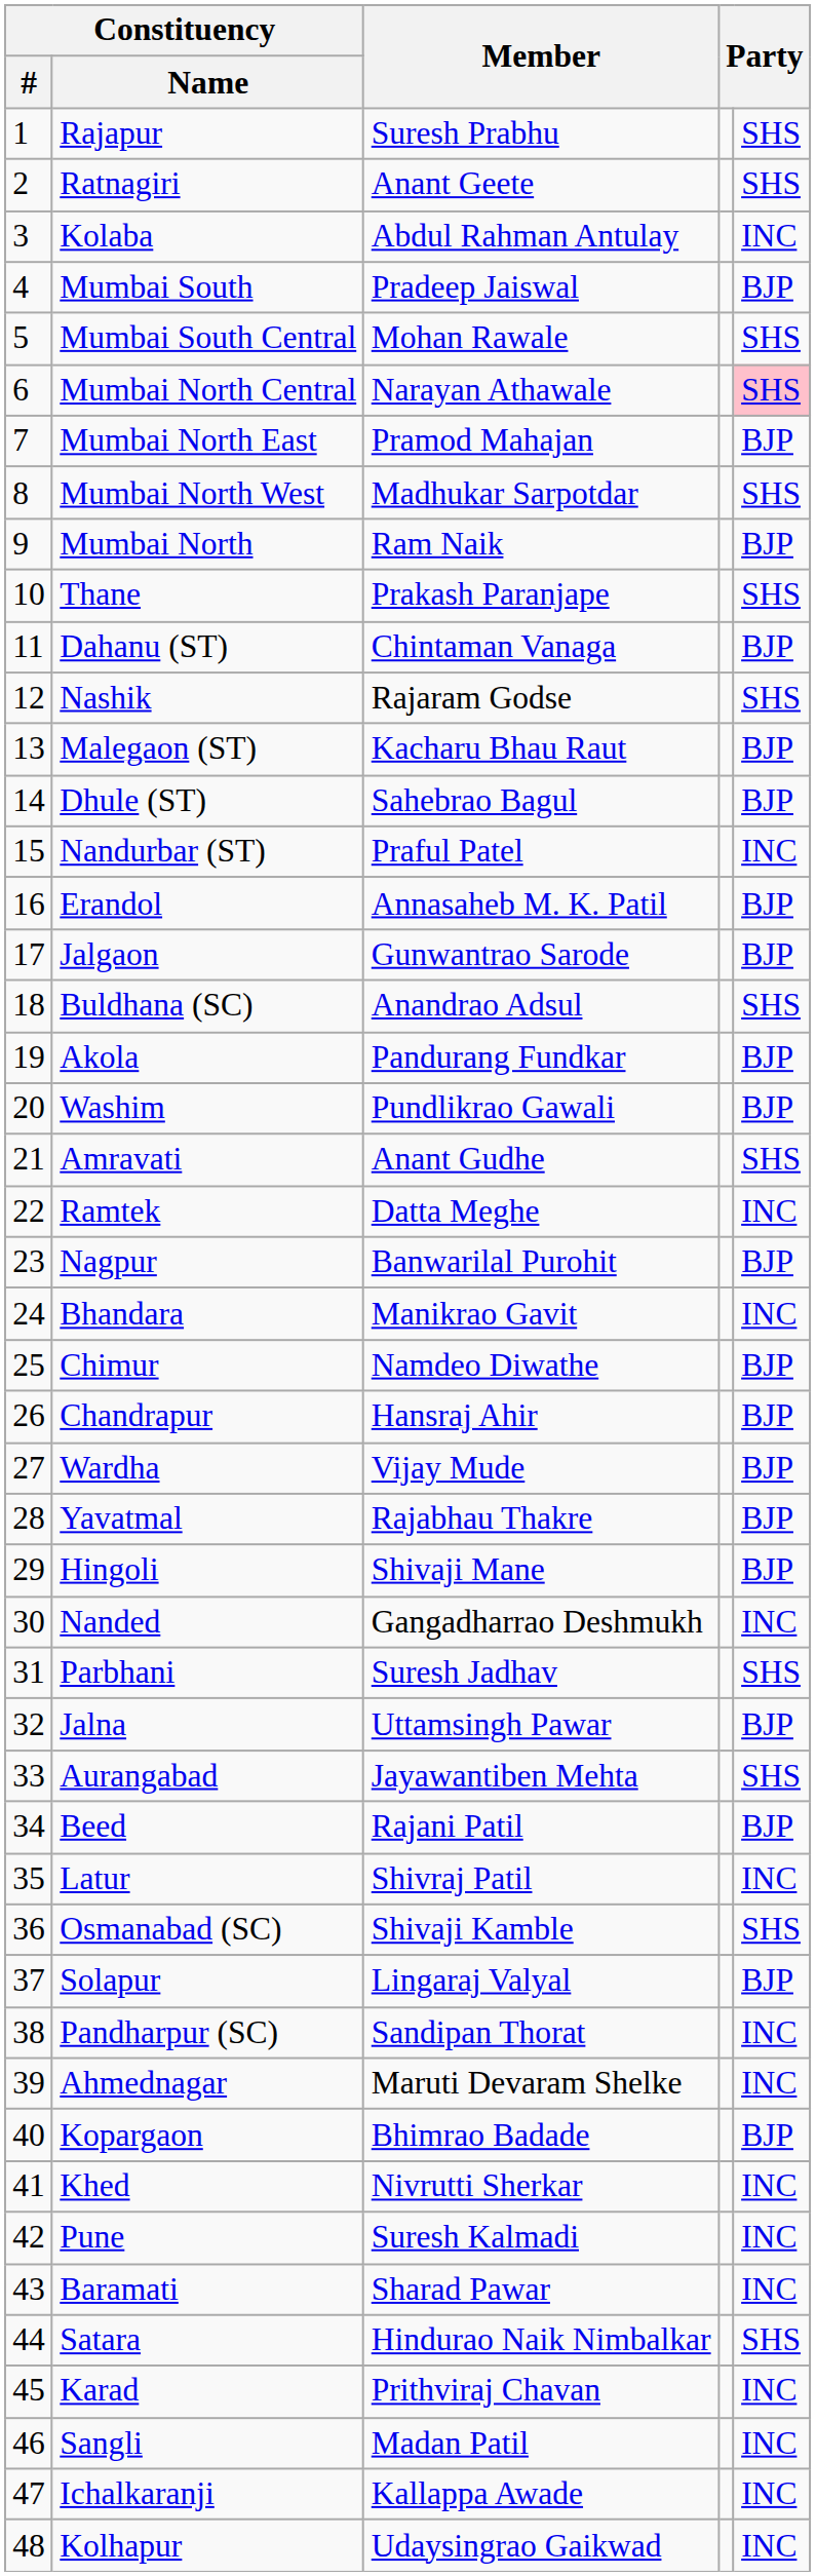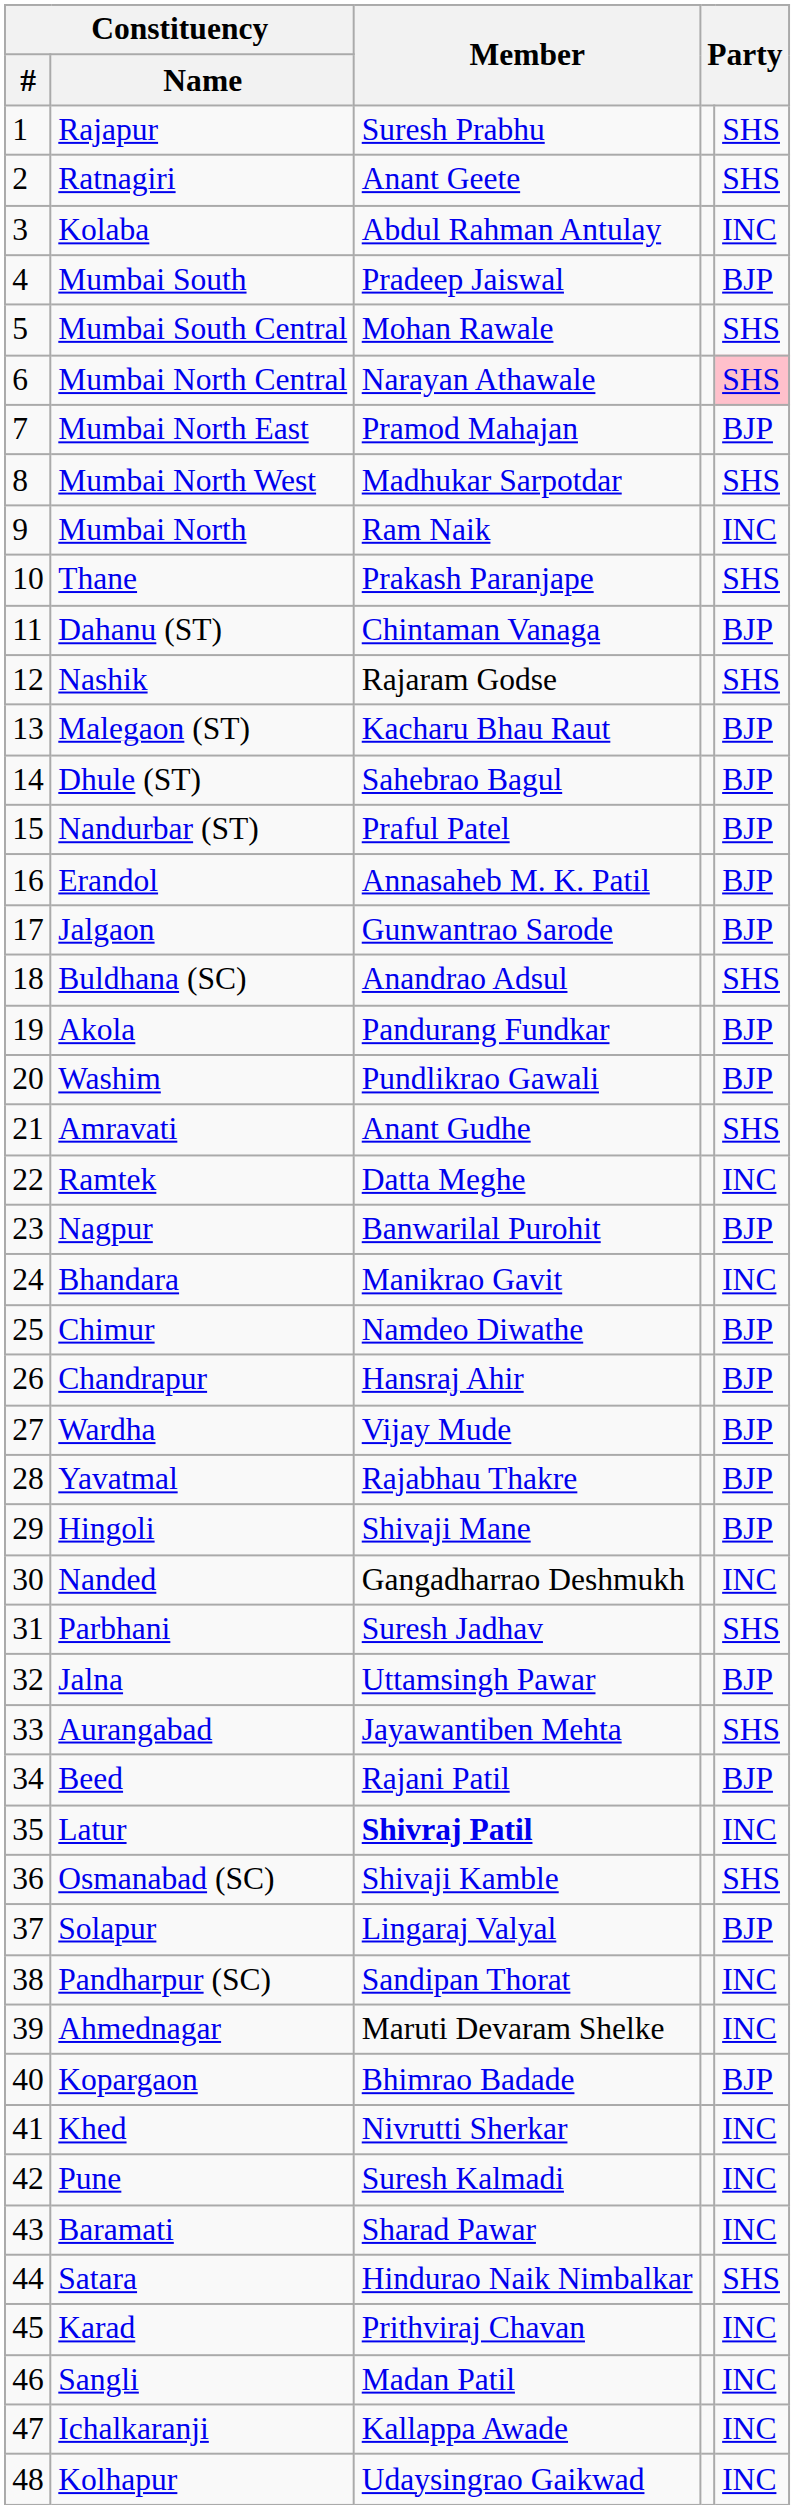 <table class="wikitable sortable">
 <tr>
 <th colspan="2">Constituency</th>
 <th rowspan="2">Member</th>
 <th colspan="2" rowspan="2">Party</th>
 </tr>
 <tr>
 <th>#</th>
 <th>Name</th>
 </tr>
 <tr>
 <td>1</td>
 <td><a href='#'>Rajapur</a></td>
 <td><a href='#'>Suresh Prabhu</a></td>
 <td style="background-color: "></td>
 <td><a href='#'>SHS</a></td>
 </tr>
 <tr>
 <td>2</td>
 <td><a href='#'>Ratnagiri</a></td>
 <td><a href='#'>Anant Geete</a></td>
 <td style="background-color: "></td>
 <td><a href='#'>SHS</a></td>
 </tr>
 <tr>
 <td>3</td>
 <td><a href='#'>Kolaba</a></td>
 <td><a href='#'>Abdul Rahman Antulay</a></td>
 <td style="background-color: "></td>
 <td><a href='#'>INC</a></td>
 </tr>
 <tr>
 <td>4</td>
 <td><a href='#'>Mumbai South</a></td>
 <td><a href='#'>Pradeep Jaiswal</a></td>
 <td style="background-color: "></td>
 <td><a href='#'>BJP</a></td>
 </tr>
 <tr>
 <td>5</td>
 <td><a href='#'>Mumbai South Central</a></td>
 <td><a href='#'>Mohan Rawale</a></td>
 <td style="background-color: "></td>
 <td><a href='#'>SHS</a></td>
 </tr>
 <tr>
 <td>6</td>
 <td><a href='#'>Mumbai North Central</a></td>
 <td><a href='#'>Narayan Athawale</a></td>
 <td style="background-color: "></td>
 <td style="background: pink;"><a href='#'>SHS</a></td>
 </tr>
 <tr>
 <td>7</td>
 <td><a href='#'>Mumbai North East</a></td>
 <td><a href='#'>Pramod Mahajan</a></td>
 <td style="background-color: "></td>
 <td><a href='#'>BJP</a></td>
 </tr>
 <tr>
 <td>8</td>
 <td><a href='#'>Mumbai North West</a></td>
 <td><a href='#'>Madhukar Sarpotdar</a></td>
 <td style="background-color: "></td>
 <td><a href='#'>SHS</a></td>
 </tr>
 <tr>
 <td>9</td>
 <td><a href='#'>Mumbai North</a></td>
 <td><a href='#'>Ram Naik</a></td>
 <td style="background-color: "></td>
-<td><a href='#'>BJP</a></td>
+<td><a href='#'>INC</a></td>
 </tr>
 <tr>
 <td>10</td>
 <td><a href='#'>Thane</a></td>
 <td><a href='#'>Prakash Paranjape</a></td>
 <td style="background-color: "></td>
 <td><a href='#'>SHS</a></td>
 </tr>
 <tr>
 <td>11</td>
 <td><a href='#'>Dahanu</a> (ST)</td>
 <td><a href='#'>Chintaman Vanaga</a></td>
 <td style="background-color: "></td>
 <td><a href='#'>BJP</a></td>
 </tr>
 <tr>
 <td>12</td>
 <td><a href='#'>Nashik</a></td>
 <td>Rajaram Godse</td>
 <td style="background-color: "></td>
 <td><a href='#'>SHS</a></td>
 </tr>
 <tr>
 <td>13</td>
 <td><a href='#'>Malegaon</a> (ST)</td>
 <td><a href='#'>Kacharu Bhau Raut</a></td>
 <td style="background-color: "></td>
 <td><a href='#'>BJP</a></td>
 </tr>
 <tr>
 <td>14</td>
 <td><a href='#'>Dhule</a> (ST)</td>
 <td><a href='#'>Sahebrao Bagul</a></td>
 <td style="background-color: "></td>
 <td><a href='#'>BJP</a></td>
 </tr>
 <tr>
 <td>15</td>
 <td><a href='#'>Nandurbar</a> (ST)</td>
 <td><a href='#'>Praful Patel</a></td>
 <td style="background-color: "></td>
-<td><a href='#'>INC</a></td>
+<td><a href='#'>BJP</a></td>
 </tr>
 <tr>
 <td>16</td>
 <td><a href='#'>Erandol</a></td>
 <td><a href='#'>Annasaheb M. K. Patil</a></td>
 <td style="background-color: "></td>
 <td><a href='#'>BJP</a></td>
 </tr>
 <tr>
 <td>17</td>
 <td><a href='#'>Jalgaon</a></td>
 <td><a href='#'>Gunwantrao Sarode</a></td>
 <td style="background-color: "></td>
 <td><a href='#'>BJP</a></td>
 </tr>
 <tr>
 <td>18</td>
 <td><a href='#'>Buldhana</a> (SC)</td>
 <td><a href='#'>Anandrao Adsul</a></td>
 <td style="background-color: "></td>
 <td><a href='#'>SHS</a></td>
 </tr>
 <tr>
 <td>19</td>
 <td><a href='#'>Akola</a></td>
 <td><a href='#'>Pandurang Fundkar</a></td>
 <td style="background-color: "></td>
 <td><a href='#'>BJP</a></td>
 </tr>
 <tr>
 <td>20</td>
 <td><a href='#'>Washim</a></td>
 <td><a href='#'>Pundlikrao Gawali</a></td>
 <td style="background-color: "></td>
 <td><a href='#'>BJP</a></td>
 </tr>
 <tr>
 <td>21</td>
 <td><a href='#'>Amravati</a></td>
 <td><a href='#'>Anant Gudhe</a></td>
 <td style="background-color: "></td>
 <td><a href='#'>SHS</a></td>
 </tr>
 <tr>
 <td>22</td>
 <td><a href='#'>Ramtek</a></td>
 <td><a href='#'>Datta Meghe</a></td>
 <td style="background-color: "></td>
 <td><a href='#'>INC</a></td>
 </tr>
 <tr>
 <td>23</td>
 <td><a href='#'>Nagpur</a></td>
 <td><a href='#'>Banwarilal Purohit</a></td>
 <td style="background-color: "></td>
 <td><a href='#'>BJP</a></td>
 </tr>
 <tr>
 <td>24</td>
 <td><a href='#'>Bhandara</a></td>
 <td><a href='#'>Manikrao Gavit</a></td>
 <td style="background-color: "></td>
 <td><a href='#'>INC</a></td>
 </tr>
 <tr>
 <td>25</td>
 <td><a href='#'>Chimur</a></td>
 <td><a href='#'>Namdeo Diwathe</a></td>
 <td style="background-color: "></td>
 <td><a href='#'>BJP</a></td>
 </tr>
 <tr>
 <td>26</td>
 <td><a href='#'>Chandrapur</a></td>
 <td><a href='#'>Hansraj Ahir</a></td>
 <td style="background-color: "></td>
 <td><a href='#'>BJP</a></td>
 </tr>
 <tr>
 <td>27</td>
 <td><a href='#'>Wardha</a></td>
 <td><a href='#'>Vijay Mude</a></td>
 <td style="background-color: "></td>
 <td><a href='#'>BJP</a></td>
 </tr>
 <tr>
 <td>28</td>
 <td><a href='#'>Yavatmal</a></td>
 <td><a href='#'>Rajabhau Thakre</a></td>
 <td style="background-color: "></td>
 <td><a href='#'>BJP</a></td>
 </tr>
 <tr>
 <td>29</td>
 <td><a href='#'>Hingoli</a></td>
 <td><a href='#'>Shivaji Mane</a></td>
 <td style="background-color: "></td>
 <td><a href='#'>BJP</a></td>
 </tr>
 <tr>
 <td>30</td>
 <td><a href='#'>Nanded</a></td>
 <td>Gangadharrao Deshmukh</td>
 <td style="background-color: "></td>
 <td><a href='#'>INC</a></td>
 </tr>
 <tr>
 <td>31</td>
 <td><a href='#'>Parbhani</a></td>
 <td><a href='#'>Suresh Jadhav</a></td>
 <td style="background-color: "></td>
 <td><a href='#'>SHS</a></td>
 </tr>
 <tr>
 <td>32</td>
 <td><a href='#'>Jalna</a></td>
 <td><a href='#'>Uttamsingh Pawar</a></td>
 <td style="background-color: "></td>
 <td><a href='#'>BJP</a></td>
 </tr>
 <tr>
 <td>33</td>
 <td><a href='#'>Aurangabad</a></td>
 <td><a href='#'>Jayawantiben Mehta</a></td>
 <td style="background-color: "></td>
 <td><a href='#'>SHS</a></td>
 </tr>
 <tr>
 <td>34</td>
 <td><a href='#'>Beed</a></td>
 <td><a href='#'>Rajani Patil</a></td>
 <td style="background-color: "></td>
 <td><a href='#'>BJP</a></td>
 </tr>
 <tr>
 <td>35</td>
 <td><a href='#'>Latur</a></td>
-<td><a href='#'>Shivraj Patil</a></td>
+<td><strong><a href='#'>Shivraj Patil</a></strong></td>
 <td style="background-color: "></td>
 <td><a href='#'>INC</a></td>
 </tr>
 <tr>
 <td>36</td>
 <td><a href='#'>Osmanabad</a> (SC)</td>
 <td><a href='#'>Shivaji Kamble</a></td>
 <td style="background-color: "></td>
 <td><a href='#'>SHS</a></td>
 </tr>
 <tr>
 <td>37</td>
 <td><a href='#'>Solapur</a></td>
 <td><a href='#'>Lingaraj Valyal</a></td>
 <td style="background-color: "></td>
 <td><a href='#'>BJP</a></td>
 </tr>
 <tr>
 <td>38</td>
 <td><a href='#'>Pandharpur</a> (SC)</td>
 <td><a href='#'>Sandipan Thorat</a></td>
 <td style="background-color: "></td>
 <td><a href='#'>INC</a></td>
 </tr>
 <tr>
 <td>39</td>
 <td><a href='#'>Ahmednagar</a></td>
 <td>Maruti Devaram Shelke</td>
 <td style="background-color: "></td>
 <td><a href='#'>INC</a></td>
 </tr>
 <tr>
 <td>40</td>
 <td><a href='#'>Kopargaon</a></td>
 <td><a href='#'>Bhimrao Badade</a></td>
 <td style="background-color: "></td>
 <td><a href='#'>BJP</a></td>
 </tr>
 <tr>
 <td>41</td>
 <td><a href='#'>Khed</a></td>
 <td><a href='#'>Nivrutti Sherkar</a></td>
 <td style="background-color: "></td>
 <td><a href='#'>INC</a></td>
 </tr>
 <tr>
 <td>42</td>
 <td><a href='#'>Pune</a></td>
 <td><a href='#'>Suresh Kalmadi</a></td>
 <td style="background-color: "></td>
 <td><a href='#'>INC</a></td>
 </tr>
 <tr>
 <td>43</td>
 <td><a href='#'>Baramati</a></td>
 <td><a href='#'>Sharad Pawar</a></td>
 <td style="background-color: "></td>
 <td><a href='#'>INC</a></td>
 </tr>
 <tr>
 <td>44</td>
 <td><a href='#'>Satara</a></td>
 <td><a href='#'>Hindurao Naik Nimbalkar</a></td>
 <td style="background-color: "></td>
 <td><a href='#'>SHS</a></td>
 </tr>
 <tr>
 <td>45</td>
 <td><a href='#'>Karad</a></td>
 <td><a href='#'>Prithviraj Chavan</a></td>
 <td style="background-color: "></td>
 <td><a href='#'>INC</a></td>
 </tr>
 <tr>
 <td>46</td>
 <td><a href='#'>Sangli</a></td>
 <td><a href='#'>Madan Patil</a></td>
 <td style="background-color: "></td>
 <td><a href='#'>INC</a></td>
 </tr>
 <tr>
 <td>47</td>
 <td><a href='#'>Ichalkaranji</a></td>
 <td><a href='#'>Kallappa Awade</a></td>
 <td style="background-color: "></td>
 <td><a href='#'>INC</a></td>
 </tr>
 <tr>
 <td>48</td>
 <td><a href='#'>Kolhapur</a></td>
 <td><a href='#'>Udaysingrao Gaikwad</a></td>
 <td style="background-color: "></td>
 <td><a href='#'>INC</a></td>
 </tr>
 </table>
